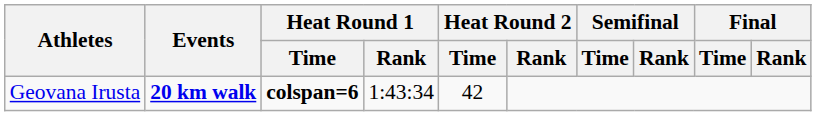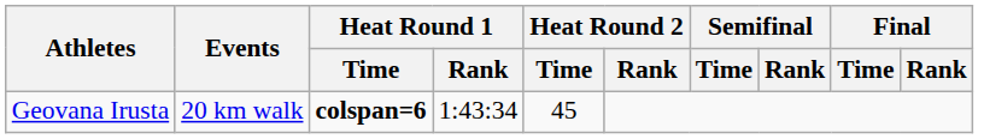 <table class=wikitable style=font-size:90%>
 <tr>
 <th rowspan=2>Athletes</th>
 <th rowspan=2>Events</th>
 <th colspan=2>Heat Round 1</th>
 <th colspan=2>Heat Round 2</th>
 <th colspan=2>Semifinal</th>
 <th colspan=2>Final</th>
 </tr>
 <tr>
 <th>Time</th>
 <th>Rank</th>
 <th>Time</th>
 <th>Rank</th>
 <th>Time</th>
 <th>Rank</th>
 <th>Time</th>
 <th>Rank</th>
 </tr>
 <tr>
 <td><a href='#'>Geovana Irusta</a></td>
-<td><strong><a href='#'>20 km walk</a></strong></td>
+<td><a href='#'>20 km walk</a></td>
 <td><strong>colspan=6</strong></td>
 <td align=center>1:43:34</td>
-<td align=center>42</td>
+<td align=center>45</td>
 </tr>
 </table>
